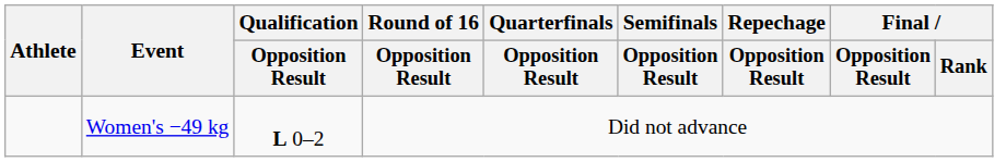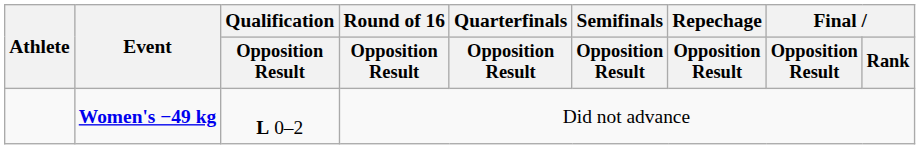 <table class=wikitable style=font-size:90%;text-align:center>
 <tr>
 <th rowspan=2>Athlete</th>
 <th rowspan=2>Event</th>
 <th>Qualification</th>
 <th>Round of 16</th>
 <th>Quarterfinals</th>
 <th>Semifinals</th>
 <th>Repechage</th>
 <th colspan=2>Final / </th>
 </tr>
 <tr style=font-size:95%>
 <th>Opposition<br>Result</th>
 <th>Opposition<br>Result</th>
 <th>Opposition<br>Result</th>
 <th>Opposition<br>Result</th>
 <th>Opposition<br>Result</th>
 <th>Opposition<br>Result</th>
 <th>Rank</th>
 </tr>
 <tr>
 <td align=left></td>
-<td align=left><a href='#'>Women's −49 kg</a></td>
+<td align=left><strong><a href='#'>Women's −49 kg</a></strong></td>
 <td><br> <strong>L</strong> 0–2</td>
 <td colspan=6>Did not advance</td>
 </tr>
 </table>
